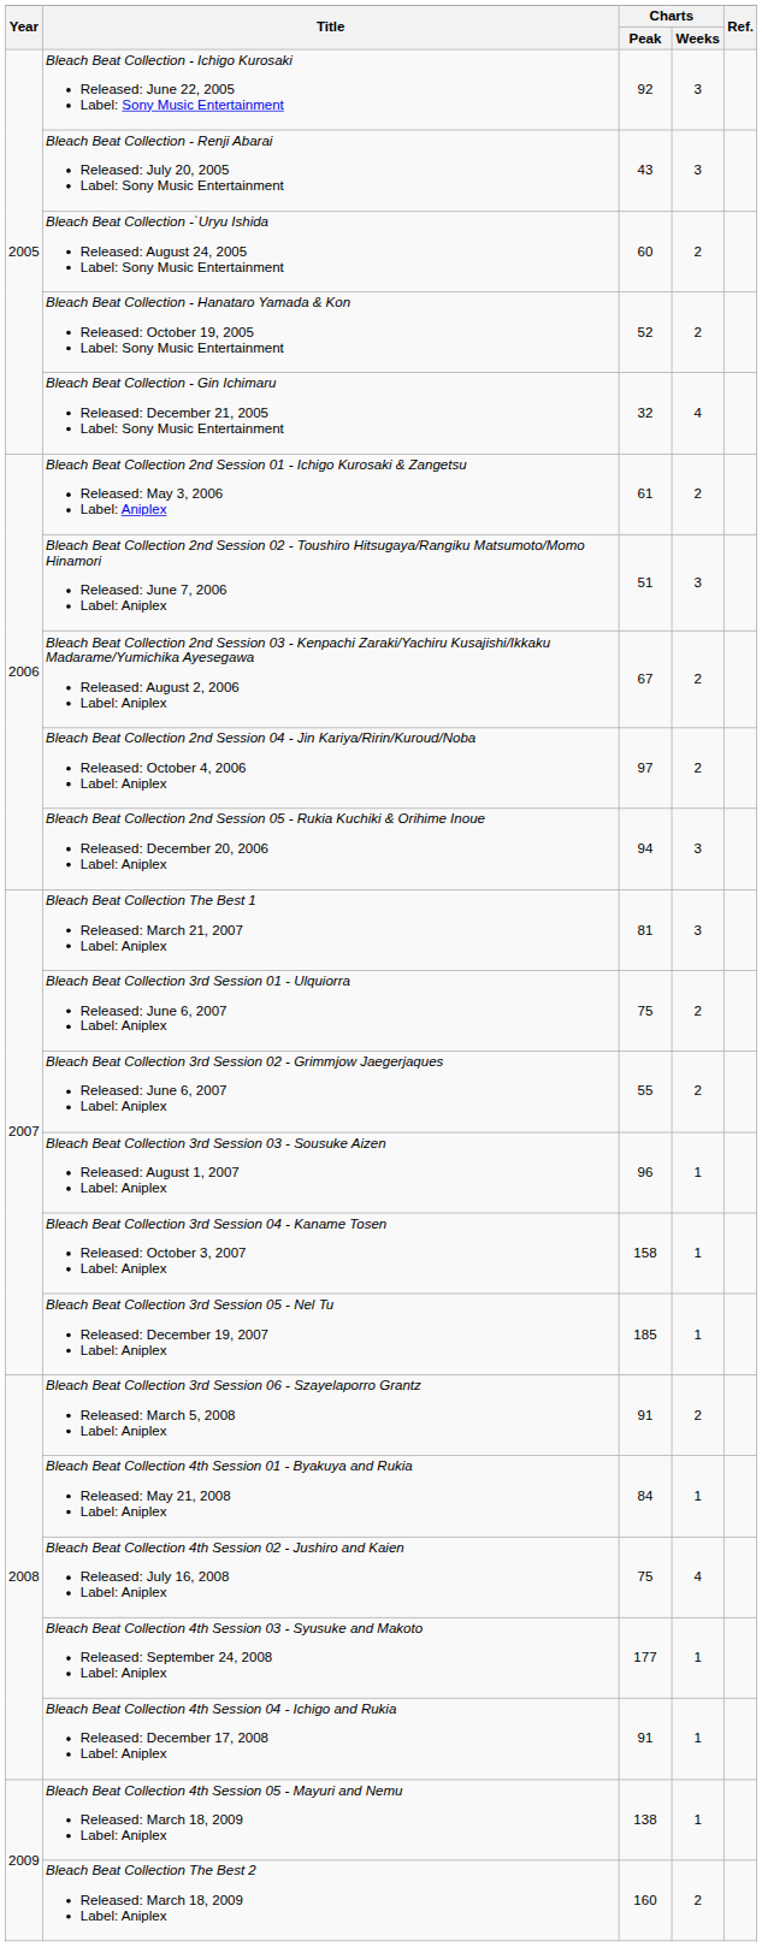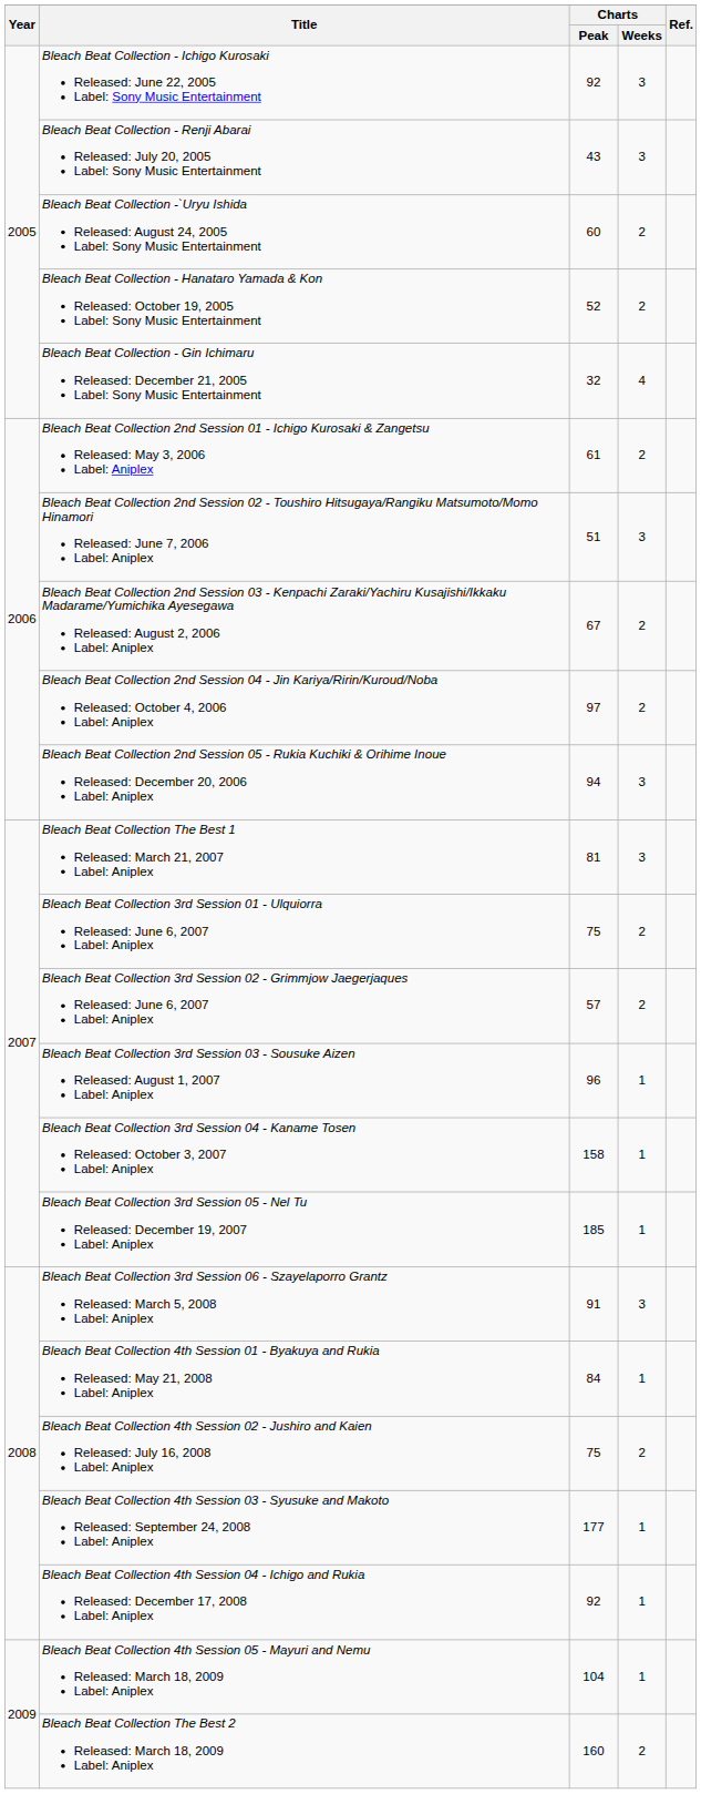 <table class="wikitable">
 <tr>
 </tr>
 <tr>
 <th rowspan="2">Year</th>
 <th rowspan="2">Title</th>
 <th colspan="2">Charts</th>
 <th rowspan="2">Ref.</th>
 </tr>
 <tr>
 <th style="width:7%;">Peak</th>
 <th style="width:7%;">Weeks</th>
 </tr>
 <tr>
 <td style="text-align:center;" rowspan="5">2005</td>
 <td align="left"><em>Bleach Beat Collection - Ichigo Kurosaki</em><br><ul><li>Released: June 22, 2005</li><li>Label: <a href='#'>Sony Music Entertainment</a></li></ul></td>
 <td style="text-align:center;">92</td>
 <td style="text-align:center;">3</td>
 <td style="text-align:center;"></td>
 </tr>
 <tr>
 <td align="left"><em>Bleach Beat Collection - Renji Abarai</em><br><ul><li>Released: July 20, 2005</li><li>Label: Sony Music Entertainment</li></ul></td>
 <td style="text-align:center;">43</td>
 <td style="text-align:center;">3</td>
 <td style="text-align:center;"></td>
 </tr>
 <tr>
 <td align="left"><em>Bleach Beat Collection -`Uryu Ishida</em><br><ul><li>Released: August 24, 2005</li><li>Label: Sony Music Entertainment</li></ul></td>
 <td style="text-align:center;">60</td>
 <td style="text-align:center;">2</td>
 <td style="text-align:center;"></td>
 </tr>
 <tr>
 <td align="left"><em>Bleach Beat Collection - Hanataro Yamada & Kon</em><br><ul><li>Released: October 19, 2005</li><li>Label: Sony Music Entertainment</li></ul></td>
 <td style="text-align:center;">52</td>
 <td style="text-align:center;">2</td>
 <td style="text-align:center;"></td>
 </tr>
 <tr>
 <td align="left"><em>Bleach Beat Collection - Gin Ichimaru</em><br><ul><li>Released: December 21, 2005</li><li>Label: Sony Music Entertainment</li></ul></td>
 <td style="text-align:center;">32</td>
 <td style="text-align:center;">4</td>
 <td style="text-align:center;"></td>
 </tr>
 <tr>
 <td style="text-align:center;" rowspan="5">2006</td>
 <td align="left"><em>Bleach Beat Collection 2nd Session 01 - Ichigo Kurosaki & Zangetsu</em><br><ul><li>Released: May 3, 2006</li><li>Label: <a href='#'>Aniplex</a></li></ul></td>
 <td style="text-align:center;">61</td>
 <td style="text-align:center;">2</td>
 <td style="text-align:center;"></td>
 </tr>
 <tr>
 <td align="left"><em>Bleach Beat Collection 2nd Session 02 - Toushiro Hitsugaya/Rangiku Matsumoto/Momo Hinamori</em><br><ul><li>Released: June 7, 2006</li><li>Label: Aniplex</li></ul></td>
 <td style="text-align:center;">51</td>
 <td style="text-align:center;">3</td>
 <td style="text-align:center;"></td>
 </tr>
 <tr>
 <td align="left"><em>Bleach Beat Collection 2nd Session 03 - Kenpachi Zaraki/Yachiru Kusajishi/Ikkaku Madarame/Yumichika Ayesegawa</em><br><ul><li>Released: August 2, 2006</li><li>Label: Aniplex</li></ul></td>
 <td style="text-align:center;">67</td>
 <td style="text-align:center;">2</td>
 <td style="text-align:center;"></td>
 </tr>
 <tr>
 <td align="left"><em>Bleach Beat Collection 2nd Session 04 - Jin Kariya/Ririn/Kuroud/Noba</em><br><ul><li>Released: October 4, 2006</li><li>Label: Aniplex</li></ul></td>
 <td style="text-align:center;">97</td>
 <td style="text-align:center;">2</td>
 <td style="text-align:center;"></td>
 </tr>
 <tr>
 <td align="left"><em>Bleach Beat Collection 2nd Session 05 - Rukia Kuchiki & Orihime Inoue</em><br><ul><li>Released: December 20, 2006</li><li>Label: Aniplex</li></ul></td>
 <td style="text-align:center;">94</td>
 <td style="text-align:center;">3</td>
 <td style="text-align:center;"></td>
 </tr>
 <tr>
 <td style="text-align:center;" rowspan="6">2007</td>
 <td align="left"><em>Bleach Beat Collection The Best 1</em><br><ul><li>Released: March 21, 2007</li><li>Label: Aniplex</li></ul></td>
 <td style="text-align:center;">81</td>
 <td style="text-align:center;">3</td>
 <td style="text-align:center;"></td>
 </tr>
 <tr>
 <td align="left"><em>Bleach Beat Collection 3rd Session 01 - Ulquiorra</em><br><ul><li>Released: June 6, 2007</li><li>Label: Aniplex</li></ul></td>
 <td style="text-align:center;">75</td>
 <td style="text-align:center;">2</td>
 <td style="text-align:center;"></td>
 </tr>
 <tr>
 <td align="left"><em>Bleach Beat Collection 3rd Session 02 - Grimmjow Jaegerjaques</em><br><ul><li>Released: June 6, 2007</li><li>Label: Aniplex</li></ul></td>
-<td style="text-align:center;">55</td>
+<td style="text-align:center;">57</td>
 <td style="text-align:center;">2</td>
 <td style="text-align:center;"></td>
 </tr>
 <tr>
 <td align="left"><em>Bleach Beat Collection 3rd Session 03 - Sousuke Aizen</em><br><ul><li>Released: August 1, 2007</li><li>Label: Aniplex</li></ul></td>
 <td style="text-align:center;">96</td>
 <td style="text-align:center;">1</td>
 <td style="text-align:center;"></td>
 </tr>
 <tr>
 <td align="left"><em>Bleach Beat Collection 3rd Session 04 - Kaname Tosen</em><br><ul><li>Released: October 3, 2007</li><li>Label: Aniplex</li></ul></td>
 <td style="text-align:center;">158</td>
 <td style="text-align:center;">1</td>
 <td style="text-align:center;"></td>
 </tr>
 <tr>
 <td align="left"><em>Bleach Beat Collection 3rd Session 05 - Nel Tu</em><br><ul><li>Released: December 19, 2007</li><li>Label: Aniplex</li></ul></td>
 <td style="text-align:center;">185</td>
 <td style="text-align:center;">1</td>
 <td style="text-align:center;"></td>
 </tr>
 <tr>
 <td style="text-align:center;" rowspan="5">2008</td>
 <td align="left"><em>Bleach Beat Collection 3rd Session 06 - Szayelaporro Grantz</em><br><ul><li>Released: March 5, 2008</li><li>Label: Aniplex</li></ul></td>
 <td style="text-align:center;">91</td>
-<td style="text-align:center;">2</td>
+<td style="text-align:center;">3</td>
 <td style="text-align:center;"></td>
 </tr>
 <tr>
 <td align="left"><em>Bleach Beat Collection 4th Session 01 - Byakuya and Rukia</em><br><ul><li>Released: May 21, 2008</li><li>Label: Aniplex</li></ul></td>
 <td style="text-align:center;">84</td>
 <td style="text-align:center;">1</td>
 <td style="text-align:center;"></td>
 </tr>
 <tr>
 <td align="left"><em>Bleach Beat Collection 4th Session 02 - Jushiro and Kaien</em><br><ul><li>Released: July 16, 2008</li><li>Label: Aniplex</li></ul></td>
 <td style="text-align:center;">75</td>
-<td style="text-align:center;">4</td>
+<td style="text-align:center;">2</td>
 <td style="text-align:center;"></td>
 </tr>
 <tr>
 <td align="left"><em>Bleach Beat Collection 4th Session 03 - Syusuke and Makoto</em><br><ul><li>Released: September 24, 2008</li><li>Label: Aniplex</li></ul></td>
 <td style="text-align:center;">177</td>
 <td style="text-align:center;">1</td>
 <td style="text-align:center;"></td>
 </tr>
 <tr>
 <td align="left"><em>Bleach Beat Collection 4th Session 04 - Ichigo and Rukia</em><br><ul><li>Released: December 17, 2008</li><li>Label: Aniplex</li></ul></td>
-<td style="text-align:center;">91</td>
+<td style="text-align:center;">92</td>
 <td style="text-align:center;">1</td>
 <td style="text-align:center;"></td>
 </tr>
 <tr>
 <td style="text-align:center;" rowspan="5">2009</td>
 <td align="left"><em>Bleach Beat Collection 4th Session 05 - Mayuri and Nemu</em><br><ul><li>Released: March 18, 2009</li><li>Label: Aniplex</li></ul></td>
-<td style="text-align:center;">138</td>
+<td style="text-align:center;">104</td>
 <td style="text-align:center;">1</td>
 <td style="text-align:center;"></td>
 </tr>
 <tr>
 <td align="left"><em>Bleach Beat Collection The Best 2</em><br><ul><li>Released: March 18, 2009</li><li>Label: Aniplex</li></ul></td>
 <td style="text-align:center;">160</td>
 <td style="text-align:center;">2</td>
 <td style="text-align:center;"></td>
 </tr>
 </table>
